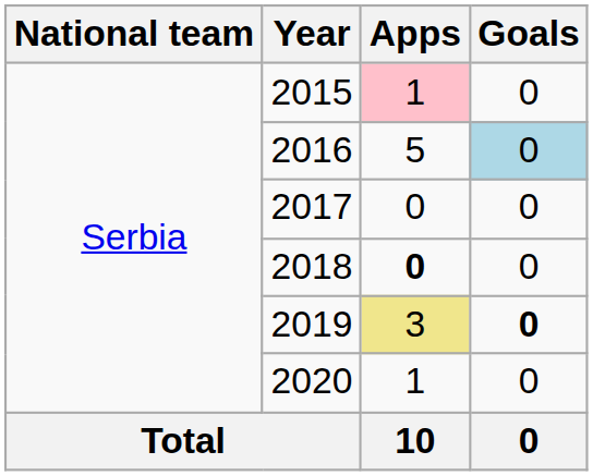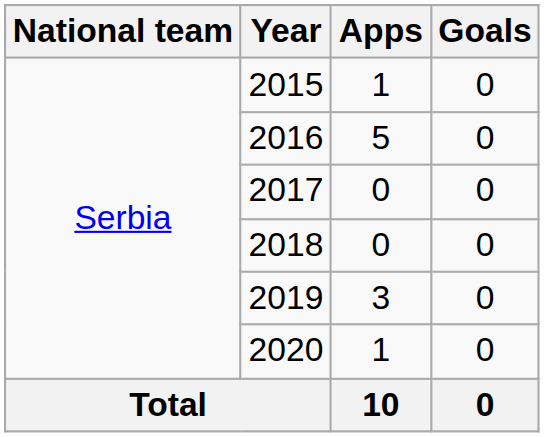 <table class="wikitable" style="text-align:center">
 <tr>
 <th>National team</th>
 <th>Year</th>
 <th>Apps</th>
 <th>Goals</th>
 </tr>
 <tr>
 <td rowspan="6"><a href='#'>Serbia</a></td>
 <td>2015</td>
-<td style="background: pink;">1</td>
+<td>1</td>
 <td>0</td>
 </tr>
 <tr>
 <td>2016</td>
 <td>5</td>
-<td style="background: lightblue;">0</td>
+<td>0</td>
 </tr>
 <tr>
 <td>2017</td>
 <td>0</td>
 <td>0</td>
 </tr>
 <tr>
 <td>2018</td>
-<td><strong>0</strong></td>
+<td>0</td>
 <td>0</td>
 </tr>
 <tr>
 <td>2019</td>
-<td style="background: khaki;">3</td>
-<td><strong>0</strong></td>
+<td>3</td>
+<td>0</td>
 </tr>
 <tr>
 <td>2020</td>
 <td>1</td>
 <td>0</td>
 </tr>
 <tr>
 <th colspan="2">Total</th>
 <th>10</th>
 <th>0</th>
 </tr>
 </table>
